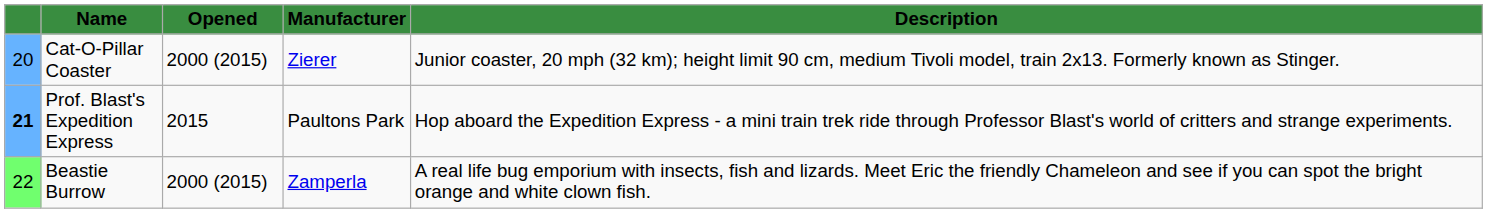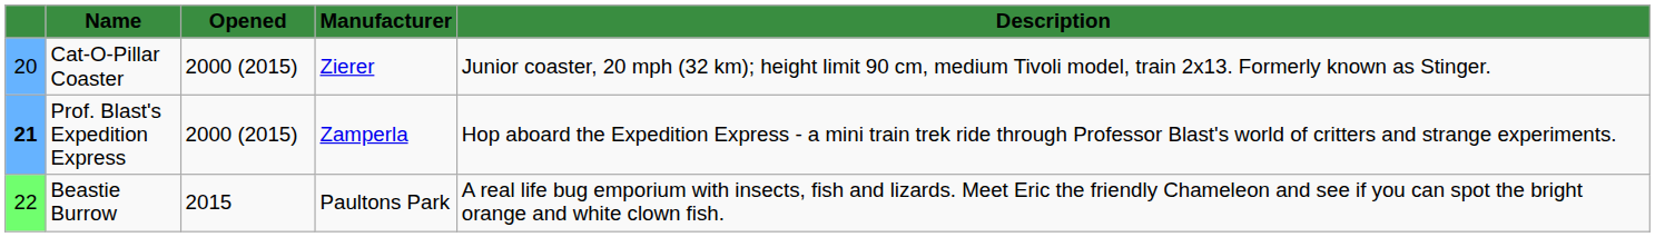 <table class="wikitable" style="width: 100%; font sizes: 95%;">
 <tr>
 <th style="background-color: #398d40; width: 1.5em;"></th>
 <th style="background-color: #398d40; width: 6em;">Name</th>
 <th style="background-color: #398d40; width: 6em;">Opened</th>
 <th style="background-color: #398d40; width: 6em;">Manufacturer</th>
 <th style="background-color: #398d40;">Description</th>
 </tr>
 <tr>
 <td bgcolor="#66b3ff" style="text-align: center;">20</td>
 <td>Cat-O-Pillar Coaster</td>
 <td>2000 (2015)</td>
 <td><a href='#'>Zierer</a></td>
 <td>Junior coaster, 20 mph (32 km); height limit 90 cm, medium Tivoli model, train 2x13. Formerly known as Stinger.</td>
 </tr>
 <tr>
 <td bgcolor="#66b3ff" style="text-align: center;"><strong>21</strong></td>
 <td>Prof. Blast's Expedition Express</td>
-<td>2015</td>
-<td>Paultons Park</td>
+<td>2000 (2015)</td>
+<td><a href='#'>Zamperla</a></td>
 <td>Hop aboard the Expedition Express - a mini train trek ride through Professor Blast's world of critters and strange experiments.</td>
 </tr>
 <tr>
 <td bgcolor="#70FF6E" style="text-align: center;">22</td>
 <td>Beastie Burrow</td>
-<td>2000 (2015)</td>
-<td><a href='#'>Zamperla</a></td>
+<td>2015</td>
+<td>Paultons Park</td>
 <td>A real life bug emporium with insects, fish and lizards. Meet Eric the friendly Chameleon and see if you can spot the bright orange and white clown fish.</td>
 </tr>
 </table>
